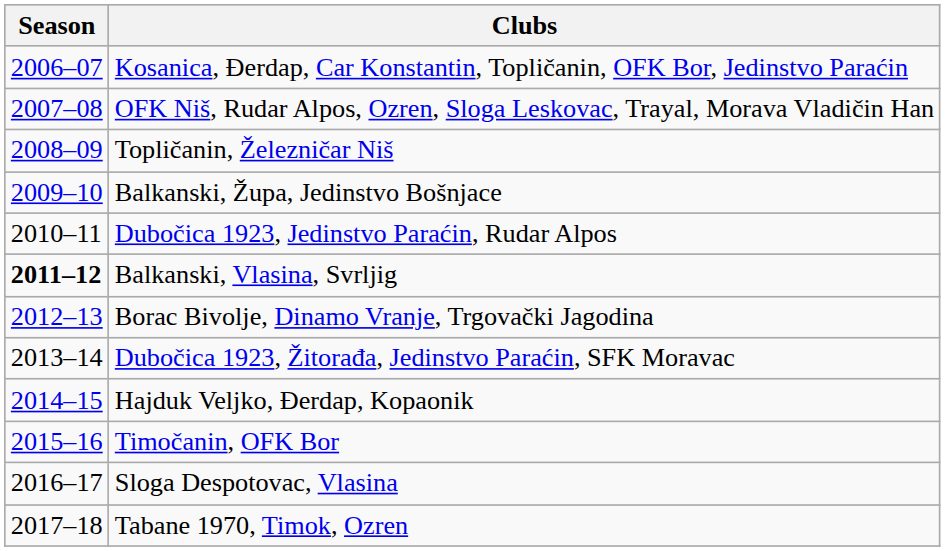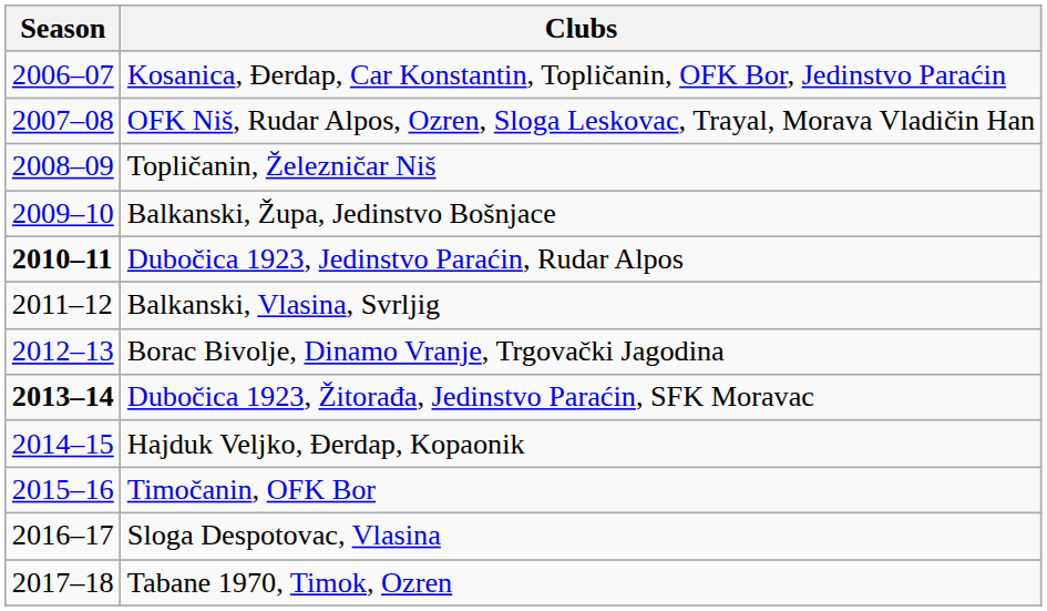 <table class="wikitable" style="text-align:left;">
 <tr>
 <th>Season</th>
 <th>Clubs</th>
 </tr>
 <tr>
 <td><a href='#'>2006–07</a></td>
 <td><a href='#'>Kosanica</a>, Đerdap, <a href='#'>Car Konstantin</a>, Topličanin, <a href='#'>OFK Bor</a>, <a href='#'>Jedinstvo Paraćin</a></td>
 </tr>
 <tr>
 <td><a href='#'>2007–08</a></td>
 <td><a href='#'>OFK Niš</a>, Rudar Alpos, <a href='#'>Ozren</a>, <a href='#'>Sloga Leskovac</a>, Trayal, Morava Vladičin Han</td>
 </tr>
 <tr>
 <td><a href='#'>2008–09</a></td>
 <td>Topličanin, <a href='#'>Železničar Niš</a></td>
 </tr>
 <tr>
 <td><a href='#'>2009–10</a></td>
 <td>Balkanski, Župa, Jedinstvo Bošnjace</td>
 </tr>
 <tr>
-<td>2010–11</td>
+<td><strong>2010–11</strong></td>
 <td><a href='#'>Dubočica 1923</a>, <a href='#'>Jedinstvo Paraćin</a>, Rudar Alpos</td>
 </tr>
 <tr>
-<td><strong>2011–12</strong></td>
+<td>2011–12</td>
 <td>Balkanski, <a href='#'>Vlasina</a>, Svrljig</td>
 </tr>
 <tr>
 <td><a href='#'>2012–13</a></td>
 <td>Borac Bivolje, <a href='#'>Dinamo Vranje</a>, Trgovački Jagodina</td>
 </tr>
 <tr>
-<td>2013–14</td>
+<td><strong>2013–14</strong></td>
 <td><a href='#'>Dubočica 1923</a>, <a href='#'>Žitorađa</a>, <a href='#'>Jedinstvo Paraćin</a>, SFK Moravac</td>
 </tr>
 <tr>
 <td><a href='#'>2014–15</a></td>
 <td>Hajduk Veljko, Đerdap, Kopaonik</td>
 </tr>
 <tr>
 <td><a href='#'>2015–16</a></td>
 <td><a href='#'>Timočanin</a>, <a href='#'>OFK Bor</a></td>
 </tr>
 <tr>
 <td>2016–17</td>
 <td>Sloga Despotovac, <a href='#'>Vlasina</a></td>
 </tr>
 <tr>
 <td>2017–18</td>
 <td>Tabane 1970, <a href='#'>Timok</a>, <a href='#'>Ozren</a></td>
 </tr>
 </table>
